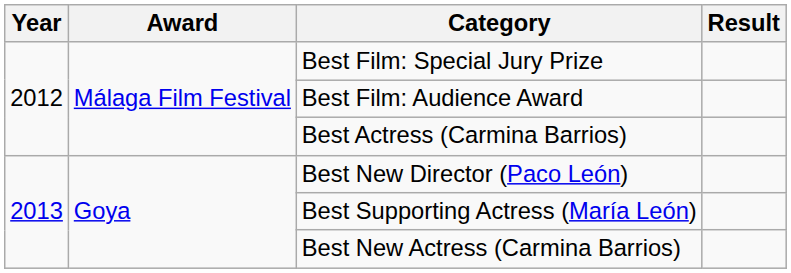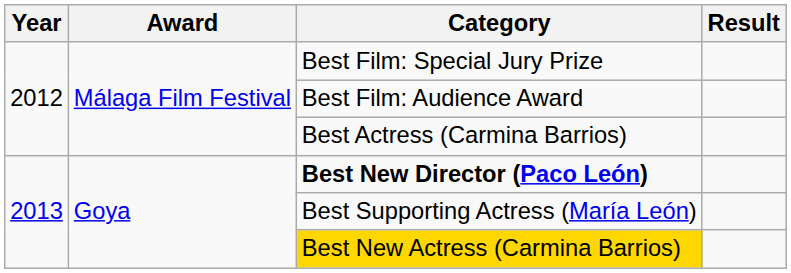 <table class="wikitable">
 <tr>
 <th>Year</th>
 <th>Award</th>
 <th>Category</th>
 <th>Result</th>
 </tr>
 <tr>
 <td rowspan="3">2012</td>
 <td rowspan="3"><a href='#'>Málaga Film Festival</a></td>
 <td>Best Film: Special Jury Prize</td>
 <td></td>
 </tr>
 <tr>
 <td>Best Film: Audience Award</td>
 <td></td>
 </tr>
 <tr>
 <td>Best Actress (Carmina Barrios)</td>
 <td></td>
 </tr>
 <tr>
 <td rowspan="3"><a href='#'>2013</a></td>
 <td rowspan="3"><a href='#'>Goya</a></td>
-<td>Best New Director (<a href='#'>Paco León</a>)</td>
+<td><strong>Best New Director (<a href='#'>Paco León</a>)</strong></td>
 <td></td>
 </tr>
 <tr>
 <td>Best Supporting Actress (<a href='#'>María León</a>)</td>
 <td></td>
 </tr>
 <tr>
-<td>Best New Actress (Carmina Barrios)</td>
+<td style="background: gold;">Best New Actress (Carmina Barrios)</td>
 <td></td>
 </tr>
 </table>
